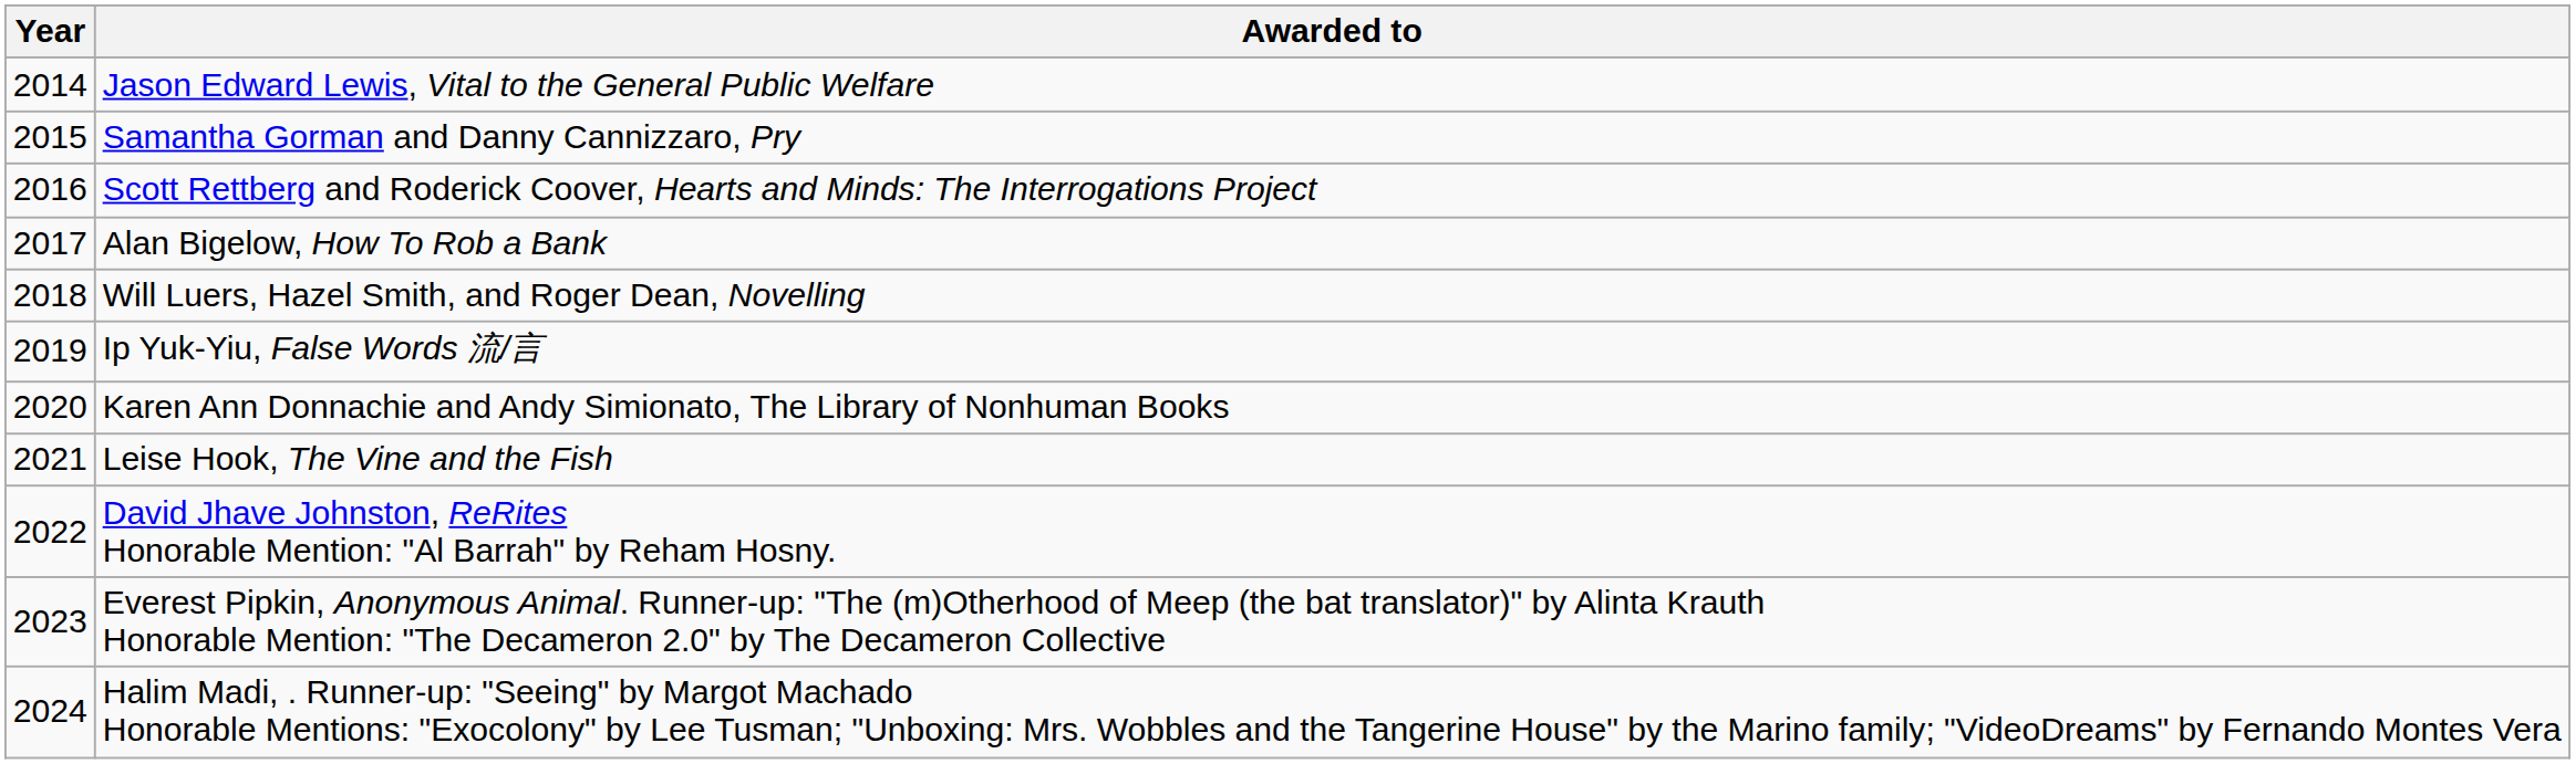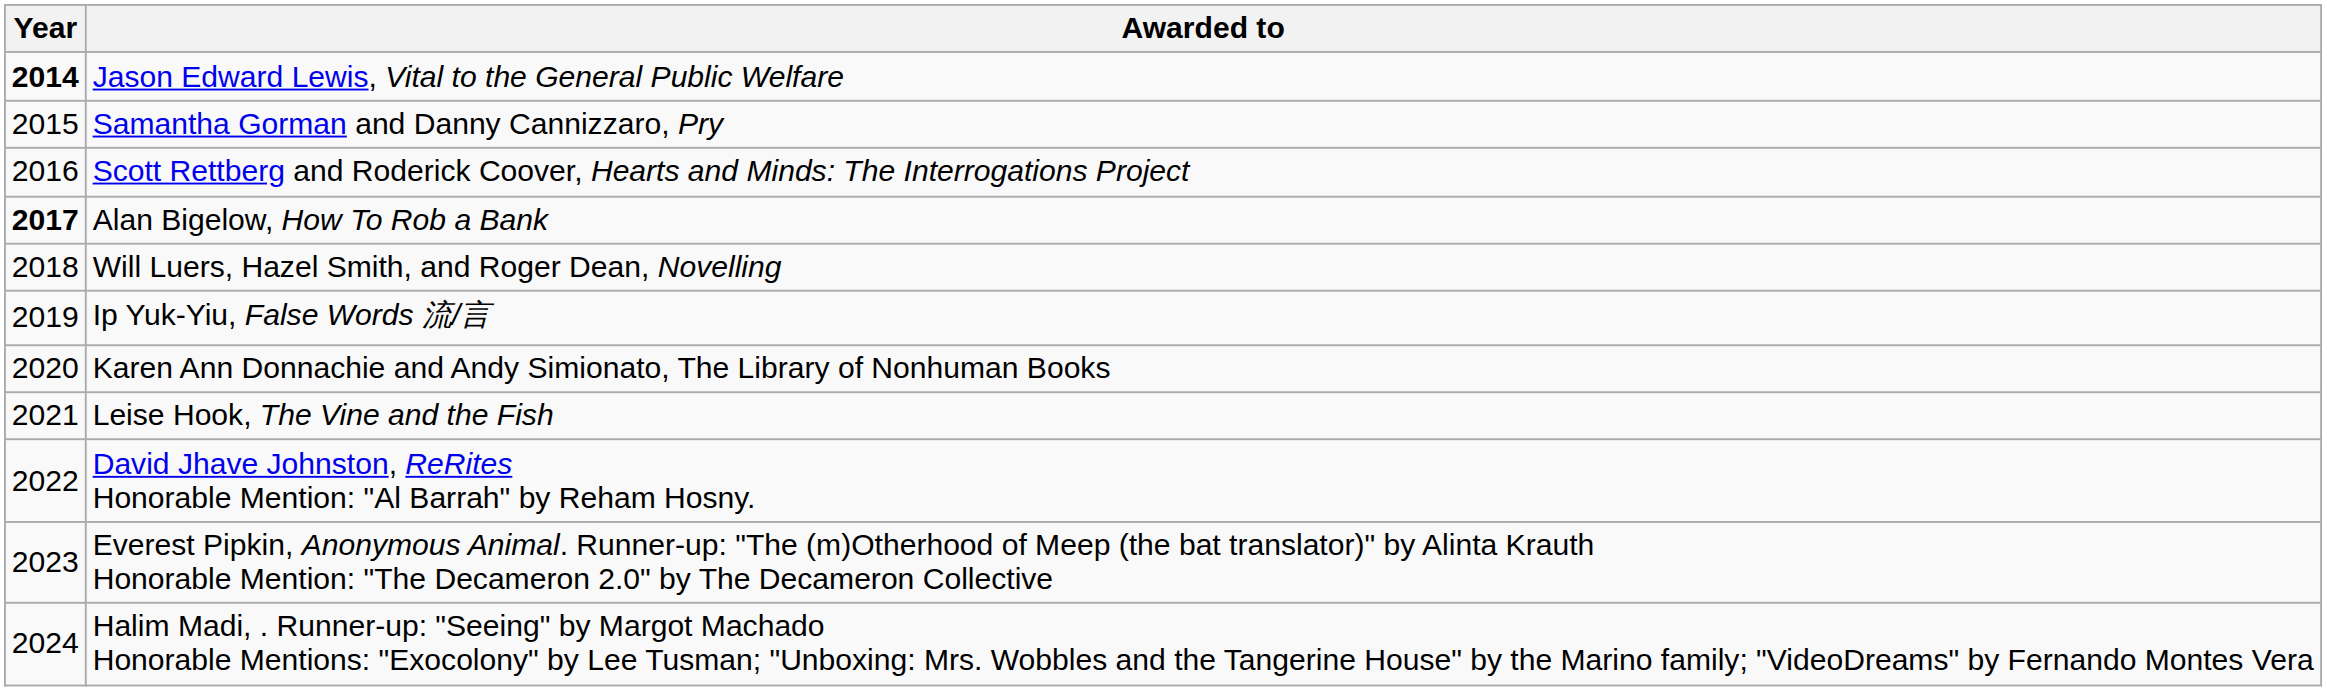 <table class="wikitable">
 <tr>
 <th>Year</th>
 <th>Awarded to</th>
 </tr>
 <tr>
-<td>2014</td>
+<td><strong>2014</strong></td>
 <td><a href='#'>Jason Edward Lewis</a>, <em>Vital to the General Public Welfare</em></td>
 </tr>
 <tr>
 <td>2015</td>
 <td><a href='#'>Samantha Gorman</a> and Danny Cannizzaro, <em>Pry</em></td>
 </tr>
 <tr>
 <td>2016</td>
 <td><a href='#'>Scott Rettberg</a> and Roderick Coover, <em>Hearts and Minds: The Interrogations Project</em></td>
 </tr>
 <tr>
-<td>2017</td>
+<td><strong>2017</strong></td>
 <td>Alan Bigelow, <em>How To Rob a Bank</em></td>
 </tr>
 <tr>
 <td>2018</td>
 <td>Will Luers, Hazel Smith, and Roger Dean, <em>Novelling</em></td>
 </tr>
 <tr>
 <td>2019</td>
 <td>Ip Yuk-Yiu, <em>False Words 流/言</em></td>
 </tr>
 <tr>
 <td>2020</td>
 <td>Karen Ann Donnachie and Andy Simionato, The Library of Nonhuman Books</td>
 </tr>
 <tr>
 <td>2021</td>
 <td>Leise Hook, <em>The Vine and the Fish</em></td>
 </tr>
 <tr>
 <td>2022</td>
 <td><a href='#'>David Jhave Johnston</a>, <em><a href='#'>ReRites</a></em><br>Honorable Mention: "Al Barrah" by Reham Hosny.</td>
 </tr>
 <tr>
 <td>2023</td>
 <td>Everest Pipkin, <em>Anonymous Animal</em>. Runner-up: "The (m)Otherhood of Meep (the bat translator)" by Alinta Krauth<br>Honorable Mention: "The Decameron 2.0" by The Decameron Collective</td>
 </tr>
 <tr>
 <td>2024</td>
 <td>Halim Madi, . Runner-up: "Seeing" by Margot Machado<br>Honorable Mentions: "Exocolony" by Lee Tusman; "Unboxing: Mrs. Wobbles and the Tangerine House" by the Marino family; "VideoDreams" by Fernando Montes Vera</td>
 </tr>
 </table>
